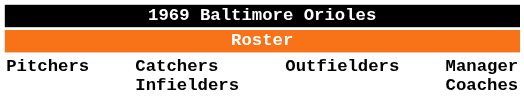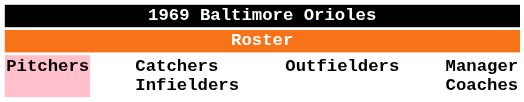 <table class="toccolours" style="font-size: 95%;">
 <tr>
 <th colspan="10" style="background-color: black; color: white; text-align: center;">1969 Baltimore Orioles</th>
 </tr>
 <tr>
 <td colspan="10" style="background-color: #F87217; color: white; text-align: center;"><strong>Roster</strong></td>
 </tr>
 <tr>
-<td valign="top"><strong>Pitchers</strong><br>             </td>
+<td valign="top" style="background: pink;"><strong>Pitchers</strong><br>             </td>
 <td width="25px"></td>
 <td valign="top"><strong>Catchers</strong><br>   <strong>Infielders</strong>       </td>
 <td width="25px"></td>
 <td valign="top"><strong>Outfielders</strong><br>     </td>
 <td width="25px"></td>
 <td valign="top"><strong>Manager</strong><br> <strong>Coaches</strong>    </td>
 </tr>
 <tr>
 </tr>
 </table>
